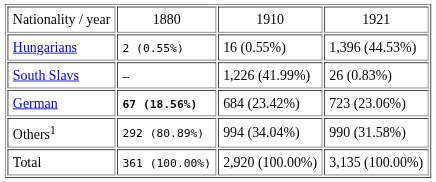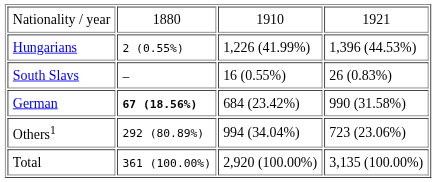 <table style="margin:auto;" border="1" cellpadding="5">
 <tr>
 <td style="text-align: center;">Nationality / year</td>
 <td style="text-align: center;">1880</td>
 <td style="text-align: center;">1910</td>
 <td style="text-align: center;">1921</td>
 </tr>
 <tr>
 <td style="text-align: left;"><a href='#'>Hungarians</a></td>
 <td style="font-family:Monospace;">2 (0.55%)</td>
-<td style="text-align: left;">16 (0.55%)</td>
+<td style="text-align: left;">1,226 (41.99%)</td>
 <td style="text-align: left;">1,396 (44.53%)</td>
 </tr>
 <tr>
 <td style="text-align: left;"><a href='#'>South Slavs</a></td>
 <td style="font-family:Monospace;">—</td>
-<td style="text-align: left;">1,226 (41.99%)</td>
+<td style="text-align: left;">16 (0.55%)</td>
 <td style="text-align: left;">26 (0.83%)</td>
 </tr>
 <tr>
 <td style="text-align: left;"><a href='#'>German</a></td>
 <td style="font-family:Monospace;"><strong>67 (18.56%)</strong></td>
 <td style="text-align: left;">684 (23.42%)</td>
-<td style="text-align: left;">723 (23.06%)</td>
+<td style="text-align: left;">990 (31.58%)</td>
 </tr>
 <tr>
 <td style="text-align: left;">Others<sup>1</sup></td>
 <td style="font-family:Monospace;">292 (80.89%)</td>
 <td style="text-align: left;">994 (34.04%)</td>
-<td style="text-align: left;">990 (31.58%)</td>
+<td style="text-align: left;">723 (23.06%)</td>
 </tr>
 <tr>
 <td style="text-align: left;">Total</td>
 <td style="font-family:Monospace;">361 (100.00%)</td>
 <td style="text-align: left;">2,920 (100.00%)</td>
 <td style="text-align: left;">3,135 (100.00%)</td>
 </tr>
 </table>
